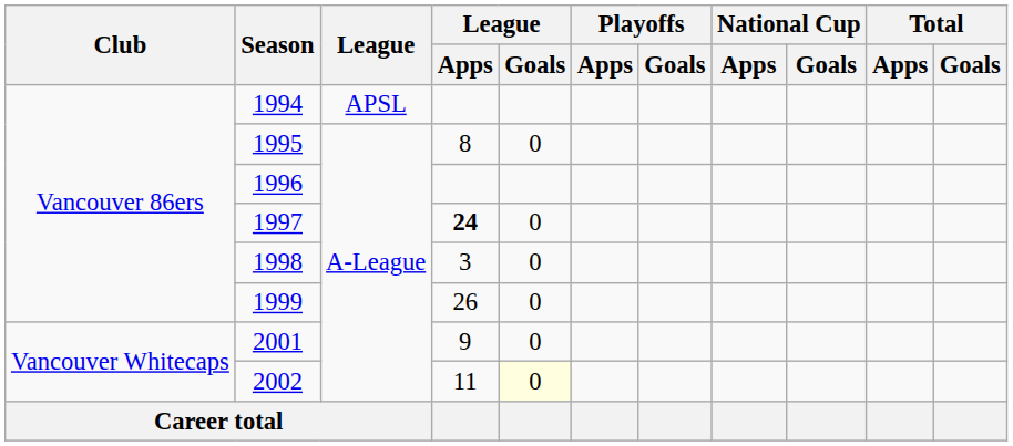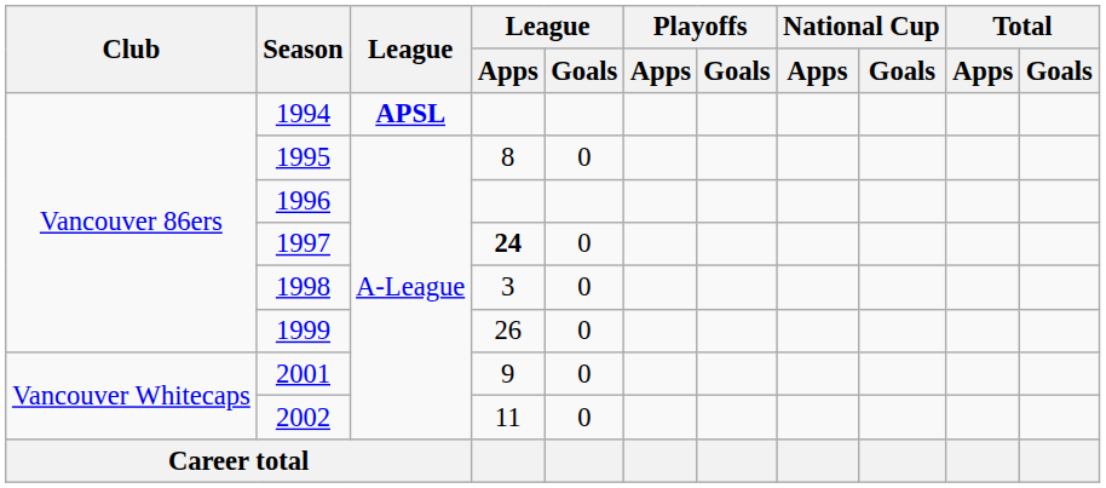 <table class="wikitable" style="text-align:center;">
 <tr>
 <th rowspan="2">Club</th>
 <th rowspan="2">Season</th>
 <th rowspan="2">League</th>
 <th colspan="2">League</th>
 <th colspan="2">Playoffs</th>
 <th colspan="2">National Cup</th>
 <th colspan="2">Total</th>
 </tr>
 <tr>
 <th>Apps</th>
 <th>Goals</th>
 <th>Apps</th>
 <th>Goals</th>
 <th>Apps</th>
 <th>Goals</th>
 <th>Apps</th>
 <th>Goals</th>
 </tr>
 <tr>
 <td rowspan="6"><a href='#'>Vancouver 86ers</a></td>
 <td><a href='#'>1994</a></td>
-<td><a href='#'>APSL</a></td>
+<td><strong><a href='#'>APSL</a></strong></td>
 <td></td>
 <td></td>
 <td></td>
 <td></td>
 <td></td>
 <td></td>
 <td></td>
 <td></td>
 </tr>
 <tr>
 <td><a href='#'>1995</a></td>
 <td rowspan="7"><a href='#'>A-League</a></td>
 <td>8</td>
 <td>0</td>
 <td></td>
 <td></td>
 <td></td>
 <td></td>
 <td></td>
 <td></td>
 </tr>
 <tr>
 <td><a href='#'>1996</a></td>
 <td></td>
 <td></td>
 <td></td>
 <td></td>
 <td></td>
 <td></td>
 <td></td>
 <td></td>
 </tr>
 <tr>
 <td><a href='#'>1997</a></td>
 <td><strong>24</strong></td>
 <td>0</td>
 <td></td>
 <td></td>
 <td></td>
 <td></td>
 <td></td>
 <td></td>
 </tr>
 <tr>
 <td><a href='#'>1998</a></td>
 <td>3</td>
 <td>0</td>
 <td></td>
 <td></td>
 <td></td>
 <td></td>
 <td></td>
 <td></td>
 </tr>
 <tr>
 <td><a href='#'>1999</a></td>
 <td>26</td>
 <td>0</td>
 <td></td>
 <td></td>
 <td></td>
 <td></td>
 <td></td>
 <td></td>
 </tr>
 <tr>
 <td rowspan="2"><a href='#'>Vancouver Whitecaps</a></td>
 <td><a href='#'>2001</a></td>
 <td>9</td>
 <td>0</td>
 <td></td>
 <td></td>
 <td></td>
 <td></td>
 <td></td>
 <td></td>
 </tr>
 <tr>
 <td><a href='#'>2002</a></td>
 <td>11</td>
-<td style="background: lightyellow;">0</td>
+<td>0</td>
 <td></td>
 <td></td>
 <td></td>
 <td></td>
 <td></td>
 <td></td>
 </tr>
 <tr>
 <th colspan="3">Career total</th>
 <th></th>
 <th></th>
 <th></th>
 <th></th>
 <th></th>
 <th></th>
 <th></th>
 <th></th>
 </tr>
 </table>
